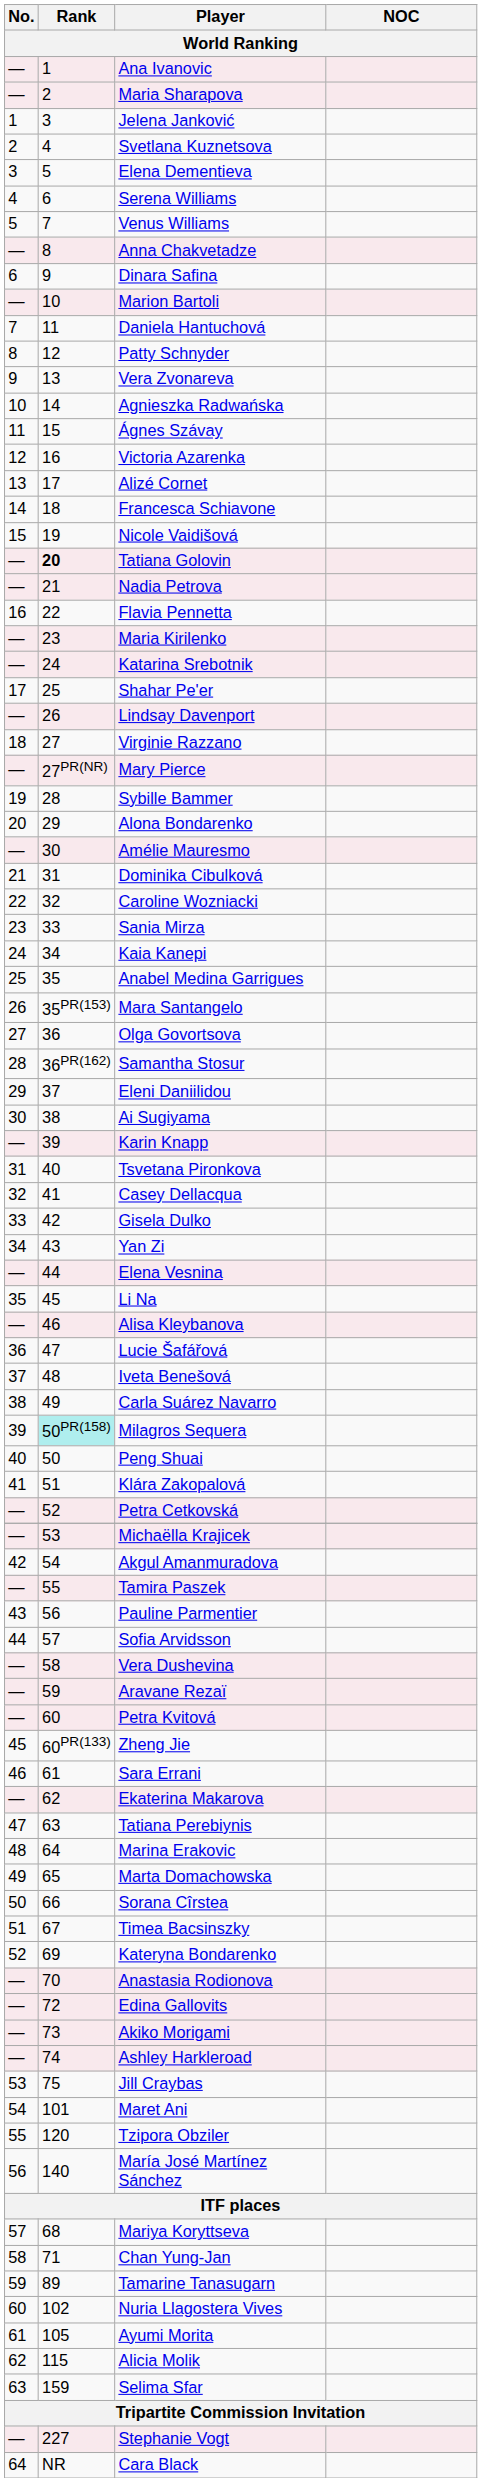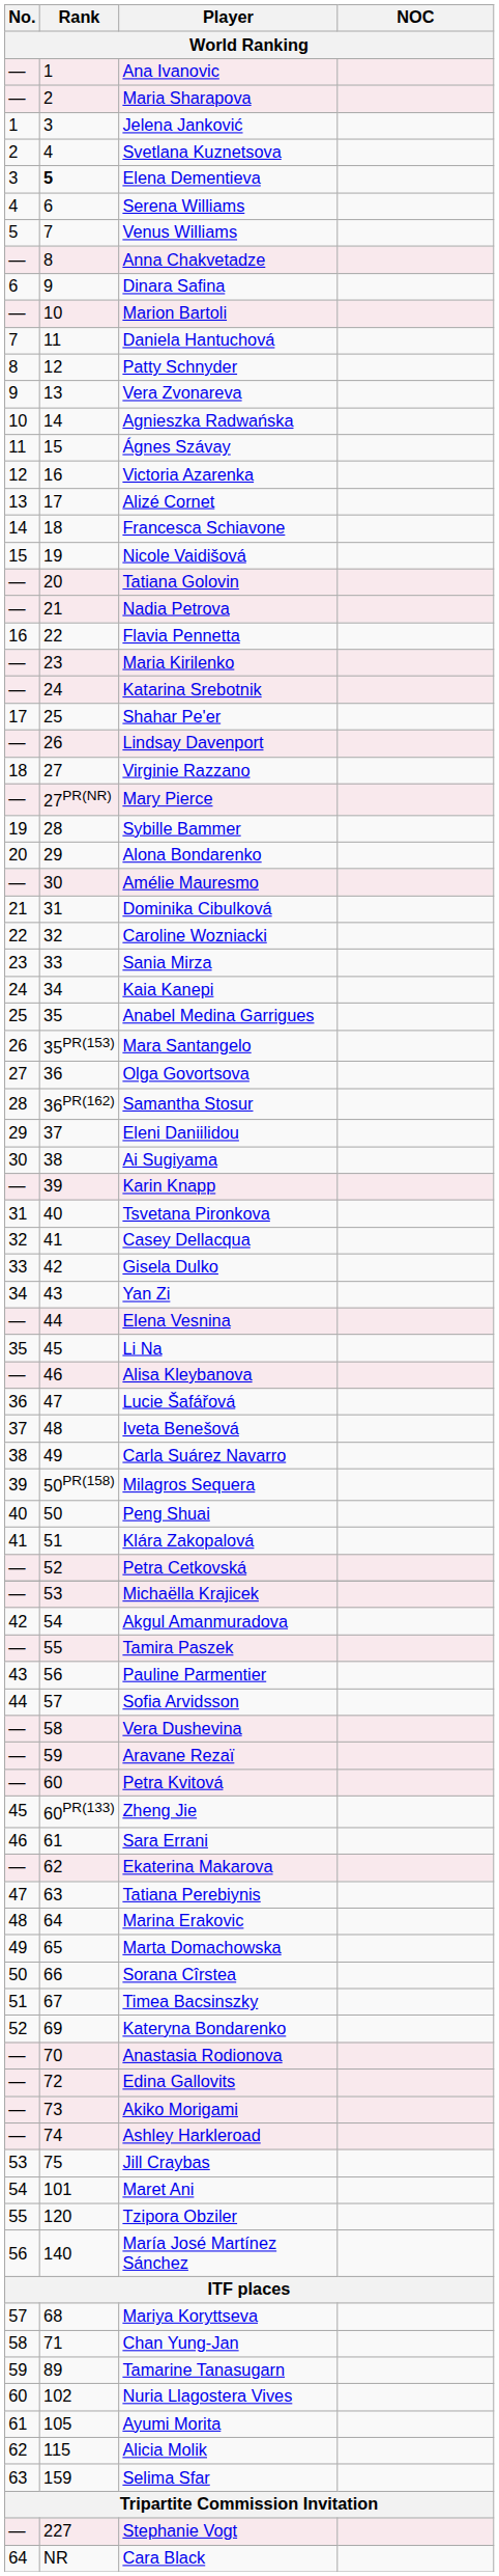 <table class="wikitable">
 <tr>
 <th width=20>No.</th>
 <th width=20>Rank</th>
 <th width=200>Player</th>
 <th width=140>NOC</th>
 </tr>
 <tr>
 <th colspan="4">World Ranking</th>
 </tr>
 <tr bgcolor=#F9E9ED>
 <td>—</td>
 <td>1</td>
 <td><a href='#'>Ana Ivanovic</a></td>
 <td></td>
 </tr>
 <tr bgcolor=#F9E9ED>
 <td>—</td>
 <td>2</td>
 <td><a href='#'>Maria Sharapova</a></td>
 <td></td>
 </tr>
 <tr>
 <td>1</td>
 <td>3</td>
 <td><a href='#'>Jelena Janković</a></td>
 <td></td>
 </tr>
 <tr>
 <td>2</td>
 <td>4</td>
 <td><a href='#'>Svetlana Kuznetsova</a></td>
 <td></td>
 </tr>
 <tr>
 <td>3</td>
-<td>5</td>
+<td><strong>5</strong></td>
 <td><a href='#'>Elena Dementieva</a></td>
 <td></td>
 </tr>
 <tr>
 <td>4</td>
 <td>6</td>
 <td><a href='#'>Serena Williams</a></td>
 <td></td>
 </tr>
 <tr>
 <td>5</td>
 <td>7</td>
 <td><a href='#'>Venus Williams</a></td>
 <td></td>
 </tr>
 <tr bgcolor=#F9E9ED>
 <td>—</td>
 <td>8</td>
 <td><a href='#'>Anna Chakvetadze</a></td>
 <td></td>
 </tr>
 <tr>
 <td>6</td>
 <td>9</td>
 <td><a href='#'>Dinara Safina</a></td>
 <td></td>
 </tr>
 <tr bgcolor=#F9E9ED>
 <td>—</td>
 <td>10</td>
 <td><a href='#'>Marion Bartoli</a></td>
 <td></td>
 </tr>
 <tr>
 <td>7</td>
 <td>11</td>
 <td><a href='#'>Daniela Hantuchová</a></td>
 <td></td>
 </tr>
 <tr>
 <td>8</td>
 <td>12</td>
 <td><a href='#'>Patty Schnyder</a></td>
 <td></td>
 </tr>
 <tr>
 <td>9</td>
 <td>13</td>
 <td><a href='#'>Vera Zvonareva</a></td>
 <td></td>
 </tr>
 <tr>
 <td>10</td>
 <td>14</td>
 <td><a href='#'>Agnieszka Radwańska</a></td>
 <td></td>
 </tr>
 <tr>
 <td>11</td>
 <td>15</td>
 <td><a href='#'>Ágnes Szávay</a></td>
 <td></td>
 </tr>
 <tr>
 <td>12</td>
 <td>16</td>
 <td><a href='#'>Victoria Azarenka</a></td>
 <td></td>
 </tr>
 <tr>
 <td>13</td>
 <td>17</td>
 <td><a href='#'>Alizé Cornet</a></td>
 <td></td>
 </tr>
 <tr>
 <td>14</td>
 <td>18</td>
 <td><a href='#'>Francesca Schiavone</a></td>
 <td></td>
 </tr>
 <tr>
 <td>15</td>
 <td>19</td>
 <td><a href='#'>Nicole Vaidišová</a></td>
 <td></td>
 </tr>
 <tr bgcolor=#F9E9ED>
 <td>—</td>
-<td><strong>20</strong></td>
+<td>20</td>
 <td><a href='#'>Tatiana Golovin</a></td>
 <td></td>
 </tr>
 <tr bgcolor=#F9E9ED>
 <td>—</td>
 <td>21</td>
 <td><a href='#'>Nadia Petrova</a></td>
 <td></td>
 </tr>
 <tr>
 <td>16</td>
 <td>22</td>
 <td><a href='#'>Flavia Pennetta</a></td>
 <td></td>
 </tr>
 <tr bgcolor=#F9E9ED>
 <td>—</td>
 <td>23</td>
 <td><a href='#'>Maria Kirilenko</a></td>
 <td></td>
 </tr>
 <tr bgcolor=#F9E9ED>
 <td>—</td>
 <td>24</td>
 <td><a href='#'>Katarina Srebotnik</a></td>
 <td></td>
 </tr>
 <tr>
 <td>17</td>
 <td>25</td>
 <td><a href='#'>Shahar Pe'er</a></td>
 <td></td>
 </tr>
 <tr bgcolor=#F9E9ED>
 <td>—</td>
 <td>26</td>
 <td><a href='#'>Lindsay Davenport</a></td>
 <td></td>
 </tr>
 <tr>
 <td>18</td>
 <td>27</td>
 <td><a href='#'>Virginie Razzano</a></td>
 <td></td>
 </tr>
 <tr bgcolor=#F9E9ED>
 <td>—</td>
 <td>27<sup>PR(NR)</sup></td>
 <td><a href='#'>Mary Pierce</a></td>
 <td></td>
 </tr>
 <tr>
 <td>19</td>
 <td>28</td>
 <td><a href='#'>Sybille Bammer</a></td>
 <td></td>
 </tr>
 <tr>
 <td>20</td>
 <td>29</td>
 <td><a href='#'>Alona Bondarenko</a></td>
 <td></td>
 </tr>
 <tr bgcolor=#F9E9ED>
 <td>—</td>
 <td>30</td>
 <td><a href='#'>Amélie Mauresmo</a></td>
 <td></td>
 </tr>
 <tr>
 <td>21</td>
 <td>31</td>
 <td><a href='#'>Dominika Cibulková</a></td>
 <td></td>
 </tr>
 <tr>
 <td>22</td>
 <td>32</td>
 <td><a href='#'>Caroline Wozniacki</a></td>
 <td></td>
 </tr>
 <tr>
 <td>23</td>
 <td>33</td>
 <td><a href='#'>Sania Mirza</a></td>
 <td></td>
 </tr>
 <tr>
 <td>24</td>
 <td>34</td>
 <td><a href='#'>Kaia Kanepi</a></td>
 <td></td>
 </tr>
 <tr>
 <td>25</td>
 <td>35</td>
 <td><a href='#'>Anabel Medina Garrigues</a></td>
 <td></td>
 </tr>
 <tr>
 <td>26</td>
 <td>35<sup>PR(153)</sup></td>
 <td><a href='#'>Mara Santangelo</a></td>
 <td></td>
 </tr>
 <tr>
 <td>27</td>
 <td>36</td>
 <td><a href='#'>Olga Govortsova</a></td>
 <td></td>
 </tr>
 <tr>
 <td>28</td>
 <td>36<sup>PR(162)</sup></td>
 <td><a href='#'>Samantha Stosur</a></td>
 <td></td>
 </tr>
 <tr>
 <td>29</td>
 <td>37</td>
 <td><a href='#'>Eleni Daniilidou</a></td>
 <td></td>
 </tr>
 <tr>
 <td>30</td>
 <td>38</td>
 <td><a href='#'>Ai Sugiyama</a></td>
 <td></td>
 </tr>
 <tr bgcolor=#F9E9ED>
 <td>—</td>
 <td>39</td>
 <td><a href='#'>Karin Knapp</a></td>
 <td></td>
 </tr>
 <tr>
 <td>31</td>
 <td>40</td>
 <td><a href='#'>Tsvetana Pironkova</a></td>
 <td></td>
 </tr>
 <tr>
 <td>32</td>
 <td>41</td>
 <td><a href='#'>Casey Dellacqua</a></td>
 <td></td>
 </tr>
 <tr>
 <td>33</td>
 <td>42</td>
 <td><a href='#'>Gisela Dulko</a></td>
 <td></td>
 </tr>
 <tr>
 <td>34</td>
 <td>43</td>
 <td><a href='#'>Yan Zi</a></td>
 <td></td>
 </tr>
 <tr bgcolor=#F9E9ED>
 <td>—</td>
 <td>44</td>
 <td><a href='#'>Elena Vesnina</a></td>
 <td></td>
 </tr>
 <tr>
 <td>35</td>
 <td>45</td>
 <td><a href='#'>Li Na</a></td>
 <td></td>
 </tr>
 <tr bgcolor=#F9E9ED>
 <td>—</td>
 <td>46</td>
 <td><a href='#'>Alisa Kleybanova</a></td>
 <td></td>
 </tr>
 <tr>
 <td>36</td>
 <td>47</td>
 <td><a href='#'>Lucie Šafářová</a></td>
 <td></td>
 </tr>
 <tr>
 <td>37</td>
 <td>48</td>
 <td><a href='#'>Iveta Benešová</a></td>
 <td></td>
 </tr>
 <tr>
 <td>38</td>
 <td>49</td>
 <td><a href='#'>Carla Suárez Navarro</a></td>
 <td></td>
 </tr>
 <tr>
 <td>39</td>
-<td style="background: paleturquoise;">50<sup>PR(158)</sup></td>
+<td>50<sup>PR(158)</sup></td>
 <td><a href='#'>Milagros Sequera</a></td>
 <td></td>
 </tr>
 <tr>
 <td>40</td>
 <td>50</td>
 <td><a href='#'>Peng Shuai</a></td>
 <td></td>
 </tr>
 <tr>
 <td>41</td>
 <td>51</td>
 <td><a href='#'>Klára Zakopalová</a></td>
 <td></td>
 </tr>
 <tr bgcolor=#F9E9ED>
 <td>—</td>
 <td>52</td>
 <td><a href='#'>Petra Cetkovská</a></td>
 <td></td>
 </tr>
 <tr>
 </tr>
 <tr bgcolor=#F9E9ED>
 <td>—</td>
 <td>53</td>
 <td><a href='#'>Michaëlla Krajicek</a></td>
 <td></td>
 </tr>
 <tr>
 <td>42</td>
 <td>54</td>
 <td><a href='#'>Akgul Amanmuradova</a></td>
 <td></td>
 </tr>
 <tr bgcolor=#F9E9ED>
 <td>—</td>
 <td>55</td>
 <td><a href='#'>Tamira Paszek</a></td>
 <td></td>
 </tr>
 <tr>
 <td>43</td>
 <td>56</td>
 <td><a href='#'>Pauline Parmentier</a></td>
 <td></td>
 </tr>
 <tr>
 <td>44</td>
 <td>57</td>
 <td><a href='#'>Sofia Arvidsson</a></td>
 <td></td>
 </tr>
 <tr bgcolor=#F9E9ED>
 <td>—</td>
 <td>58</td>
 <td><a href='#'>Vera Dushevina</a></td>
 <td></td>
 </tr>
 <tr bgcolor=#F9E9ED>
 <td>—</td>
 <td>59</td>
 <td><a href='#'>Aravane Rezaï</a></td>
 <td></td>
 </tr>
 <tr bgcolor=#F9E9ED>
 <td>—</td>
 <td>60</td>
 <td><a href='#'>Petra Kvitová</a></td>
 <td></td>
 </tr>
 <tr>
 <td>45</td>
 <td>60<sup>PR(133)</sup></td>
 <td><a href='#'>Zheng Jie</a></td>
 <td></td>
 </tr>
 <tr>
 <td>46</td>
 <td>61</td>
 <td><a href='#'>Sara Errani</a></td>
 <td></td>
 </tr>
 <tr bgcolor=#F9E9ED>
 <td>—</td>
 <td>62</td>
 <td><a href='#'>Ekaterina Makarova</a></td>
 <td></td>
 </tr>
 <tr>
 <td>47</td>
 <td>63</td>
 <td><a href='#'>Tatiana Perebiynis</a></td>
 <td></td>
 </tr>
 <tr>
 <td>48</td>
 <td>64</td>
 <td><a href='#'>Marina Erakovic</a></td>
 <td></td>
 </tr>
 <tr>
 <td>49</td>
 <td>65</td>
 <td><a href='#'>Marta Domachowska</a></td>
 <td></td>
 </tr>
 <tr>
 <td>50</td>
 <td>66</td>
 <td><a href='#'>Sorana Cîrstea</a></td>
 <td></td>
 </tr>
 <tr>
 <td>51</td>
 <td>67</td>
 <td><a href='#'>Timea Bacsinszky</a></td>
 <td></td>
 </tr>
 <tr>
 <td>52</td>
 <td>69</td>
 <td><a href='#'>Kateryna Bondarenko</a></td>
 <td></td>
 </tr>
 <tr bgcolor=#F9E9ED>
 <td>—</td>
 <td>70</td>
 <td><a href='#'>Anastasia Rodionova</a></td>
 <td></td>
 </tr>
 <tr bgcolor=#F9E9ED>
 <td>—</td>
 <td>72</td>
 <td><a href='#'>Edina Gallovits</a></td>
 <td></td>
 </tr>
 <tr bgcolor=#F9E9ED>
 <td>—</td>
 <td>73</td>
 <td><a href='#'>Akiko Morigami</a></td>
 <td></td>
 </tr>
 <tr bgcolor=#F9E9ED>
 <td>—</td>
 <td>74</td>
 <td><a href='#'>Ashley Harkleroad</a></td>
 <td></td>
 </tr>
 <tr>
 <td>53</td>
 <td>75</td>
 <td><a href='#'>Jill Craybas</a></td>
 <td></td>
 </tr>
 <tr>
 <td>54</td>
 <td>101</td>
 <td><a href='#'>Maret Ani</a></td>
 <td></td>
 </tr>
 <tr>
 <td>55</td>
 <td>120</td>
 <td><a href='#'>Tzipora Obziler</a></td>
 <td></td>
 </tr>
 <tr>
 <td>56</td>
 <td>140</td>
 <td><a href='#'>María José Martínez Sánchez</a></td>
 <td></td>
 </tr>
 <tr>
 <th colspan="4">ITF places</th>
 </tr>
 <tr>
 <td>57</td>
 <td>68</td>
 <td><a href='#'>Mariya Koryttseva</a></td>
 <td></td>
 </tr>
 <tr>
 <td>58</td>
 <td>71</td>
 <td><a href='#'>Chan Yung-Jan</a></td>
 <td></td>
 </tr>
 <tr>
 <td>59</td>
 <td>89</td>
 <td><a href='#'>Tamarine Tanasugarn</a></td>
 <td></td>
 </tr>
 <tr>
 <td>60</td>
 <td>102</td>
 <td><a href='#'>Nuria Llagostera Vives</a></td>
 <td></td>
 </tr>
 <tr>
 <td>61</td>
 <td>105</td>
 <td><a href='#'>Ayumi Morita</a></td>
 <td></td>
 </tr>
 <tr>
 <td>62</td>
 <td>115</td>
 <td><a href='#'>Alicia Molik</a></td>
 <td></td>
 </tr>
 <tr>
 <td>63</td>
 <td>159</td>
 <td><a href='#'>Selima Sfar</a></td>
 <td></td>
 </tr>
 <tr>
 <th colspan="4">Tripartite Commission Invitation</th>
 </tr>
 <tr bgcolor=#F9E9ED>
 <td>—</td>
 <td>227</td>
 <td><a href='#'>Stephanie Vogt</a></td>
 <td></td>
 </tr>
 <tr>
 <td>64</td>
 <td>NR</td>
 <td><a href='#'>Cara Black</a></td>
 <td></td>
 </tr>
 </table>
